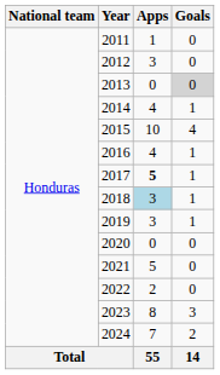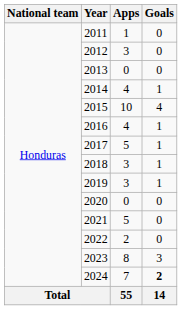 <table class="wikitable" style="text-align:center">
 <tr>
 <th>National team</th>
 <th>Year</th>
 <th>Apps</th>
 <th>Goals</th>
 </tr>
 <tr>
 <td rowspan="14"><a href='#'>Honduras</a></td>
 <td>2011</td>
 <td>1</td>
 <td>0</td>
 </tr>
 <tr>
 <td>2012</td>
 <td>3</td>
 <td>0</td>
 </tr>
 <tr>
 <td>2013</td>
 <td>0</td>
-<td style="background: lightgrey;">0</td>
+<td>0</td>
 </tr>
 <tr>
 <td>2014</td>
 <td>4</td>
 <td>1</td>
 </tr>
 <tr>
 <td>2015</td>
 <td>10</td>
 <td>4</td>
 </tr>
 <tr>
 <td>2016</td>
 <td>4</td>
 <td>1</td>
 </tr>
 <tr>
 <td>2017</td>
-<td><strong>5</strong></td>
+<td>5</td>
 <td>1</td>
 </tr>
 <tr>
 <td>2018</td>
-<td style="background: lightblue;">3</td>
+<td>3</td>
 <td>1</td>
 </tr>
 <tr>
 <td>2019</td>
 <td>3</td>
 <td>1</td>
 </tr>
 <tr>
 <td>2020</td>
 <td>0</td>
 <td>0</td>
 </tr>
 <tr>
 <td>2021</td>
 <td>5</td>
 <td>0</td>
 </tr>
 <tr>
 <td>2022</td>
 <td>2</td>
 <td>0</td>
 </tr>
 <tr>
 <td>2023</td>
 <td>8</td>
 <td>3</td>
 </tr>
 <tr>
 <td>2024</td>
 <td>7</td>
-<td>2</td>
+<td><strong>2</strong></td>
 </tr>
 <tr>
 <th colspan="2">Total</th>
 <th>55</th>
 <th>14</th>
 </tr>
 </table>
